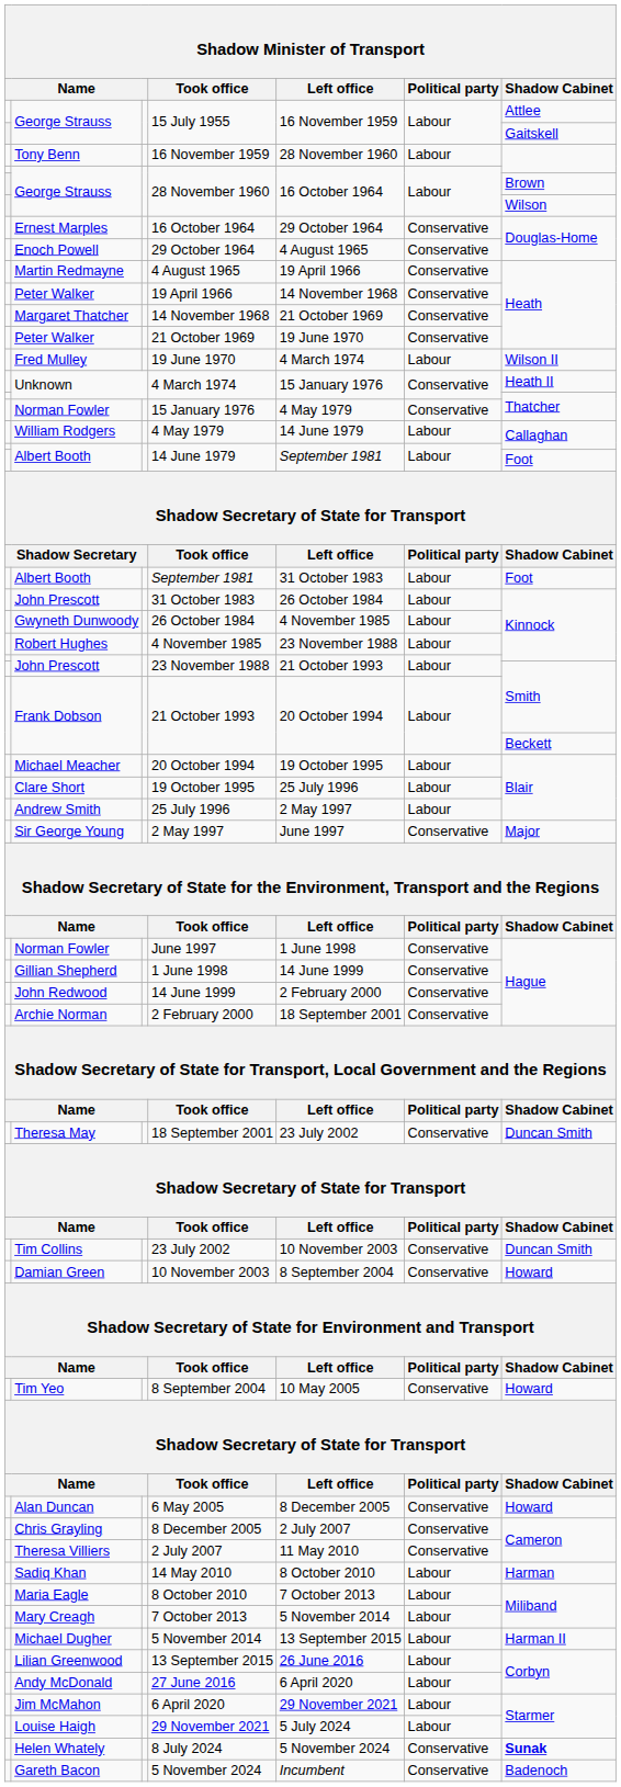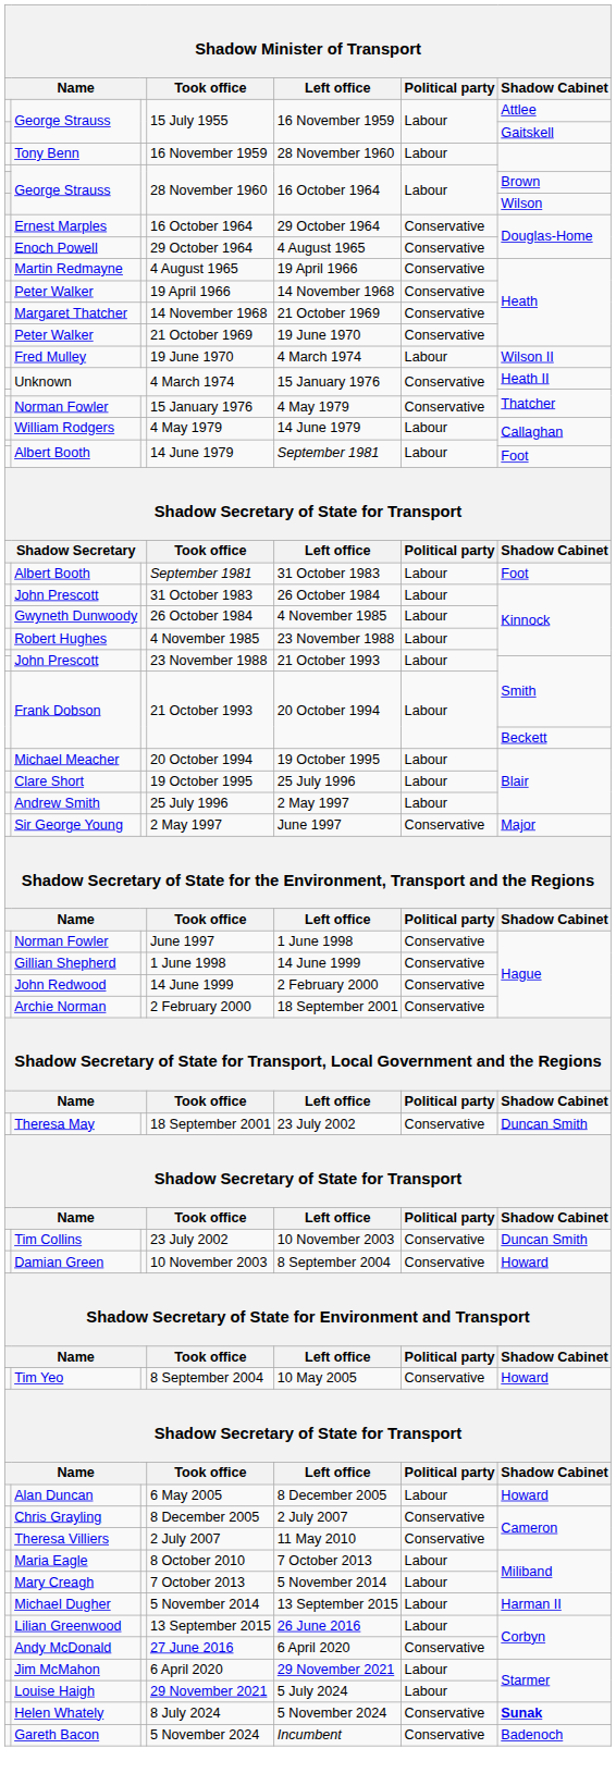 <table class="wikitable">
 <tr>
 <th colspan=7><br><h3>Shadow Minister of Transport</h3></th>
 </tr>
 <tr>
 <th colspan="3">Name</th>
 <th>Took office</th>
 <th>Left office</th>
 <th>Political party</th>
 <th>Shadow Cabinet</th>
 </tr>
 <tr>
 <td style="background-color: "></td>
 <td rowspan=2><a href='#'>George Strauss</a></td>
 <td rowspan=2></td>
 <td rowspan=2>15 July 1955</td>
 <td rowspan=2>16 November 1959</td>
 <td rowspan=2>Labour</td>
 <td><a href='#'>Attlee</a></td>
 </tr>
 <tr>
 <th style="background-color: "></th>
 <td><a href='#'>Gaitskell</a></td>
 </tr>
 <tr>
 <td style="background-color: "></td>
 <td><a href='#'>Tony Benn</a></td>
 <td></td>
 <td>16 November 1959</td>
 <td>28 November 1960</td>
 <td>Labour</td>
 </tr>
 <tr>
 <td style="background-color: "></td>
 <td rowspan=3><a href='#'>George Strauss</a></td>
 <td rowspan=3></td>
 <td rowspan=3>28 November 1960</td>
 <td rowspan=3>16 October 1964</td>
 <td rowspan=3>Labour</td>
 </tr>
 <tr>
 <th style="background-color: "></th>
 <td><a href='#'>Brown</a></td>
 </tr>
 <tr>
 <th style="background-color: "></th>
 <td><a href='#'>Wilson</a></td>
 </tr>
 <tr>
 <td style="background-color: "></td>
 <td><a href='#'>Ernest Marples</a></td>
 <td></td>
 <td>16 October 1964</td>
 <td>29 October 1964</td>
 <td>Conservative</td>
 <td rowspan=2 ><a href='#'>Douglas-Home</a></td>
 </tr>
 <tr>
 <td style="background-color: "></td>
 <td><a href='#'>Enoch Powell</a></td>
 <td></td>
 <td>29 October 1964</td>
 <td>4 August 1965</td>
 <td>Conservative</td>
 </tr>
 <tr>
 <td style="background-color: "></td>
 <td><a href='#'>Martin Redmayne</a></td>
 <td></td>
 <td>4 August 1965</td>
 <td>19 April 1966</td>
 <td>Conservative</td>
 <td rowspan=4 ><a href='#'>Heath</a></td>
 </tr>
 <tr>
 <td style="background-color: "></td>
 <td><a href='#'>Peter Walker</a></td>
 <td></td>
 <td>19 April 1966</td>
 <td>14 November 1968</td>
 <td>Conservative</td>
 </tr>
 <tr>
 <td style="background-color: "></td>
 <td><a href='#'>Margaret Thatcher</a></td>
 <td></td>
 <td>14 November 1968</td>
 <td>21 October 1969</td>
 <td>Conservative</td>
 </tr>
 <tr>
 <td style="background-color: "></td>
 <td><a href='#'>Peter Walker</a></td>
 <td></td>
 <td>21 October 1969</td>
 <td>19 June 1970</td>
 <td>Conservative</td>
 </tr>
 <tr>
 <td style="background-color: "></td>
 <td><a href='#'>Fred Mulley</a></td>
 <td></td>
 <td>19 June 1970</td>
 <td>4 March 1974</td>
 <td>Labour</td>
 <td><a href='#'>Wilson II</a></td>
 </tr>
 <tr>
 <td style="background-color: "></td>
 <td rowspan="2" colspan="2">Unknown</td>
 <td rowspan=2>4 March 1974</td>
 <td rowspan=2>15 January 1976</td>
 <td rowspan=2>Conservative</td>
 <td><a href='#'>Heath II</a></td>
 </tr>
 <tr>
 <td style="background-color: "></td>
 <td rowspan=2 ><a href='#'>Thatcher</a></td>
 </tr>
 <tr>
 <td style="background-color: "></td>
 <td><a href='#'>Norman Fowler</a></td>
 <td></td>
 <td>15 January 1976</td>
 <td>4 May 1979</td>
 <td>Conservative</td>
 </tr>
 <tr>
 <td style="background-color: "></td>
 <td><a href='#'>William Rodgers</a></td>
 <td></td>
 <td>4 May 1979</td>
 <td>14 June 1979</td>
 <td>Labour</td>
 <td rowspan=2 ><a href='#'>Callaghan</a></td>
 </tr>
 <tr>
 <td style="background-color: "></td>
 <td rowspan=2><a href='#'>Albert Booth</a></td>
 <td rowspan=2></td>
 <td rowspan=2>14 June 1979</td>
 <td rowspan=2><em>September 1981</em></td>
 <td rowspan=2>Labour</td>
 </tr>
 <tr>
 <td style="background-color: "></td>
 <td><a href='#'>Foot</a></td>
 </tr>
 <tr>
 <th colspan=7><br><h3>Shadow Secretary of State for Transport</h3></th>
 </tr>
 <tr>
 <th colspan=3>Shadow Secretary</th>
 <th>Took office</th>
 <th>Left office</th>
 <th>Political party</th>
 <th>Shadow Cabinet</th>
 </tr>
 <tr>
 <td style="background-color: "></td>
 <td><a href='#'>Albert Booth</a></td>
 <td></td>
 <td><em>September 1981</em></td>
 <td>31 October 1983</td>
 <td>Labour</td>
 <td><a href='#'>Foot</a></td>
 </tr>
 <tr>
 <td style="background-color: "></td>
 <td><a href='#'>John Prescott</a></td>
 <td></td>
 <td>31 October 1983</td>
 <td>26 October 1984</td>
 <td>Labour</td>
 <td rowspan=4 ><a href='#'>Kinnock</a></td>
 </tr>
 <tr>
 <td style="background-color: "></td>
 <td><a href='#'>Gwyneth Dunwoody</a></td>
 <td></td>
 <td>26 October 1984</td>
 <td>4 November 1985</td>
 <td>Labour</td>
 </tr>
 <tr>
 <td style="background-color: "></td>
 <td><a href='#'>Robert Hughes</a></td>
 <td></td>
 <td>4 November 1985</td>
 <td>23 November 1988</td>
 <td>Labour</td>
 </tr>
 <tr>
 <td style="background-color: "></td>
 <td rowspan=2><a href='#'>John Prescott</a></td>
 <td rowspan=2></td>
 <td rowspan=2>23 November 1988</td>
 <td rowspan=2>21 October 1993</td>
 <td rowspan=2>Labour</td>
 </tr>
 <tr>
 <td style="background-color: "></td>
 <td rowspan=2 style="height:75px;"><a href='#'>Smith</a></td>
 </tr>
 <tr>
 <td rowspan=2 style="background-color: "></td>
 <td rowspan=2><a href='#'>Frank Dobson</a></td>
 <td rowspan=2></td>
 <td rowspan=2>21 October 1993</td>
 <td rowspan=2>20 October 1994</td>
 <td rowspan=2>Labour</td>
 </tr>
 <tr>
 <td><a href='#'>Beckett</a></td>
 </tr>
 <tr>
 <td style="background-color: "></td>
 <td><a href='#'>Michael Meacher</a></td>
 <td></td>
 <td>20 October 1994</td>
 <td>19 October 1995</td>
 <td>Labour</td>
 <td rowspan=3 ><a href='#'>Blair</a></td>
 </tr>
 <tr>
 <td style="background-color: "></td>
 <td><a href='#'>Clare Short</a></td>
 <td></td>
 <td>19 October 1995</td>
 <td>25 July 1996</td>
 <td>Labour</td>
 </tr>
 <tr>
 <td style="background-color: "></td>
 <td><a href='#'>Andrew Smith</a></td>
 <td></td>
 <td>25 July 1996</td>
 <td>2 May 1997</td>
 <td>Labour</td>
 </tr>
 <tr>
 <td style="background-color: "></td>
 <td><a href='#'>Sir George Young</a></td>
 <td></td>
 <td>2 May 1997</td>
 <td>June 1997</td>
 <td>Conservative</td>
 <td><a href='#'>Major</a></td>
 </tr>
 <tr>
 <th colspan=7><br><h3>Shadow Secretary of State for the Environment, Transport and the Regions</h3></th>
 </tr>
 <tr>
 <th colspan="3">Name</th>
 <th>Took office</th>
 <th>Left office</th>
 <th>Political party</th>
 <th>Shadow Cabinet</th>
 </tr>
 <tr>
 <td style="background-color: "></td>
 <td><a href='#'>Norman Fowler</a></td>
 <td></td>
 <td>June 1997</td>
 <td>1 June 1998</td>
 <td>Conservative</td>
 <td rowspan=4 ><a href='#'>Hague</a></td>
 </tr>
 <tr>
 <td style="background-color: "></td>
 <td><a href='#'>Gillian Shepherd</a></td>
 <td></td>
 <td>1 June 1998</td>
 <td>14 June 1999</td>
 <td>Conservative</td>
 </tr>
 <tr>
 <td style="background-color: "></td>
 <td><a href='#'>John Redwood</a></td>
 <td></td>
 <td>14 June 1999</td>
 <td>2 February 2000</td>
 <td>Conservative</td>
 </tr>
 <tr>
 <td style="background-color: "></td>
 <td><a href='#'>Archie Norman</a></td>
 <td></td>
 <td>2 February 2000</td>
 <td>18 September 2001</td>
 <td>Conservative</td>
 </tr>
 <tr>
 <th colspan=7><br><h3>Shadow Secretary of State for Transport, Local Government and the Regions</h3></th>
 </tr>
 <tr>
 <th colspan="3">Name</th>
 <th>Took office</th>
 <th>Left office</th>
 <th>Political party</th>
 <th>Shadow Cabinet</th>
 </tr>
 <tr>
 <td style="background-color: "></td>
 <td><a href='#'>Theresa May</a></td>
 <td></td>
 <td>18 September 2001</td>
 <td>23 July 2002</td>
 <td>Conservative</td>
 <td><a href='#'>Duncan Smith</a></td>
 </tr>
 <tr>
 <th colspan=7><br><h3>Shadow Secretary of State for Transport</h3></th>
 </tr>
 <tr>
 <th colspan="3">Name</th>
 <th>Took office</th>
 <th>Left office</th>
 <th>Political party</th>
 <th>Shadow Cabinet</th>
 </tr>
 <tr>
 <td style="background-color: "></td>
 <td><a href='#'>Tim Collins</a></td>
 <td></td>
 <td>23 July 2002</td>
 <td>10 November 2003</td>
 <td>Conservative</td>
 <td><a href='#'>Duncan Smith</a></td>
 </tr>
 <tr>
 <td style="background-color: "></td>
 <td><a href='#'>Damian Green</a></td>
 <td></td>
 <td>10 November 2003</td>
 <td>8 September 2004</td>
 <td>Conservative</td>
 <td><a href='#'>Howard</a></td>
 </tr>
 <tr>
 <th colspan=7><br><h3>Shadow Secretary of State for Environment and Transport</h3></th>
 </tr>
 <tr>
 <th colspan="3">Name</th>
 <th>Took office</th>
 <th>Left office</th>
 <th>Political party</th>
 <th>Shadow Cabinet</th>
 </tr>
 <tr>
 <td style="background-color: "></td>
 <td><a href='#'>Tim Yeo</a></td>
 <td></td>
 <td>8 September 2004</td>
 <td>10 May 2005</td>
 <td>Conservative</td>
 <td><a href='#'>Howard</a></td>
 </tr>
 <tr>
 <th colspan=7><br><h3>Shadow Secretary of State for Transport</h3></th>
 </tr>
 <tr>
 <th colspan="3">Name</th>
 <th>Took office</th>
 <th>Left office</th>
 <th>Political party</th>
 <th>Shadow Cabinet</th>
 </tr>
 <tr>
 <td style="background-color: "></td>
 <td><a href='#'>Alan Duncan</a></td>
 <td></td>
 <td>6 May 2005</td>
 <td>8 December 2005</td>
-<td>Conservative</td>
+<td>Labour</td>
 <td><a href='#'>Howard</a></td>
 </tr>
 <tr>
 <td style="background-color: "></td>
 <td><a href='#'>Chris Grayling</a></td>
 <td></td>
 <td>8 December 2005</td>
 <td>2 July 2007</td>
 <td>Conservative</td>
 <td rowspan=2 ><a href='#'>Cameron</a></td>
 </tr>
 <tr>
 <td style="background-color: "></td>
 <td><a href='#'>Theresa Villiers</a></td>
 <td></td>
 <td>2 July 2007</td>
 <td>11 May 2010</td>
 <td>Conservative</td>
-</tr>
-<tr>
-<td style="background-color: "></td>
-<td><a href='#'>Sadiq Khan</a></td>
-<td></td>
-<td>14 May 2010</td>
-<td>8 October 2010</td>
-<td>Labour</td>
-<td><a href='#'>Harman</a></td>
 </tr>
 <tr>
 <td style="background-color: "></td>
 <td><a href='#'>Maria Eagle</a></td>
 <td></td>
 <td>8 October 2010</td>
 <td>7 October 2013</td>
 <td>Labour</td>
 <td rowspan=3 ><a href='#'>Miliband</a></td>
 </tr>
 <tr>
 <td style="background-color: "></td>
 <td><a href='#'>Mary Creagh</a></td>
 <td></td>
 <td>7 October 2013</td>
 <td>5 November 2014</td>
 <td>Labour</td>
 </tr>
 <tr>
 <td rowspan=2 style="background-color: "></td>
 <td rowspan=2><a href='#'>Michael Dugher</a></td>
 <td rowspan=2></td>
 <td rowspan=2>5 November 2014</td>
 <td rowspan=2>13 September 2015</td>
 <td rowspan=2>Labour</td>
 </tr>
 <tr>
 <td><a href='#'>Harman II</a></td>
 </tr>
 <tr>
 <td style="background-color: "></td>
 <td><a href='#'>Lilian Greenwood</a></td>
 <td></td>
 <td>13 September 2015</td>
 <td><a href='#'>26 June 2016</a></td>
 <td>Labour</td>
 <td rowspan=2 ><a href='#'>Corbyn</a></td>
 </tr>
 <tr>
 <td style="background-color: "></td>
 <td><a href='#'>Andy McDonald</a></td>
 <td></td>
 <td><a href='#'>27 June 2016</a></td>
 <td>6 April 2020</td>
-<td>Labour</td>
+<td>Conservative</td>
 </tr>
 <tr>
 <td style="background-color: "></td>
 <td><a href='#'>Jim McMahon</a></td>
 <td></td>
 <td>6 April 2020</td>
 <td><a href='#'>29 November 2021</a></td>
 <td>Labour</td>
 <td rowspan="2" ><a href='#'>Starmer</a></td>
 </tr>
 <tr>
 <td style="background-color: "></td>
 <td><a href='#'>Louise Haigh</a></td>
 <td></td>
 <td><a href='#'>29 November 2021</a></td>
 <td>5 July 2024</td>
 <td>Labour</td>
 </tr>
 <tr>
 <td style="background-color: "></td>
 <td><a href='#'>Helen Whately</a></td>
 <td></td>
 <td>8 July 2024</td>
 <td>5 November 2024</td>
 <td>Conservative</td>
 <td><strong><a href='#'>Sunak</a></strong></td>
 </tr>
 <tr>
 <td style="background-color: "></td>
 <td><a href='#'>Gareth Bacon</a></td>
 <td></td>
 <td>5 November 2024</td>
 <td><em>Incumbent</em></td>
 <td>Conservative</td>
 <td><a href='#'>Badenoch</a></td>
 </tr>
 </table>
